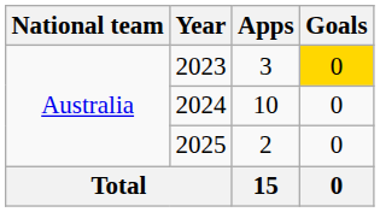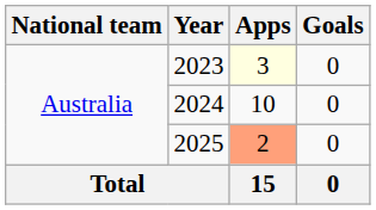 <table class="wikitable" style="text-align:center">
 <tr>
 <th>National team</th>
 <th>Year</th>
 <th>Apps</th>
 <th>Goals</th>
 </tr>
 <tr>
 <td rowspan="3"><a href='#'>Australia</a></td>
 <td>2023</td>
-<td>3</td>
-<td style="background: gold;">0</td>
+<td style="background: lightyellow;">3</td>
+<td>0</td>
 </tr>
 <tr>
 <td>2024</td>
 <td>10</td>
 <td>0</td>
 </tr>
 <tr>
 <td>2025</td>
-<td>2</td>
+<td style="background: lightsalmon;">2</td>
 <td>0</td>
 </tr>
 <tr>
 <th colspan="2">Total</th>
 <th>15</th>
 <th>0</th>
 </tr>
 </table>
